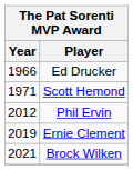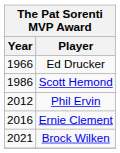 <table class="wikitable" style="display: inline-table; margin-right: 20px; text-align:center">
 <tr>
 <th scope="col" colspan="2" style="width: 145px;">The Pat Sorenti MVP Award</th>
 </tr>
 <tr>
 <th scope="col">Year</th>
 <th scope="col">Player</th>
 </tr>
 <tr>
 <td>1966</td>
 <td>Ed Drucker</td>
 </tr>
 <tr>
-<td>1971</td>
+<td>1986</td>
 <td><a href='#'>Scott Hemond</a></td>
 </tr>
 <tr>
 <td>2012</td>
 <td><a href='#'>Phil Ervin</a></td>
 </tr>
 <tr>
-<td>2019</td>
+<td>2016</td>
 <td><a href='#'>Ernie Clement</a></td>
 </tr>
 <tr>
 <td>2021</td>
 <td><a href='#'>Brock Wilken</a></td>
 </tr>
 <tr>
 </tr>
 </table>
